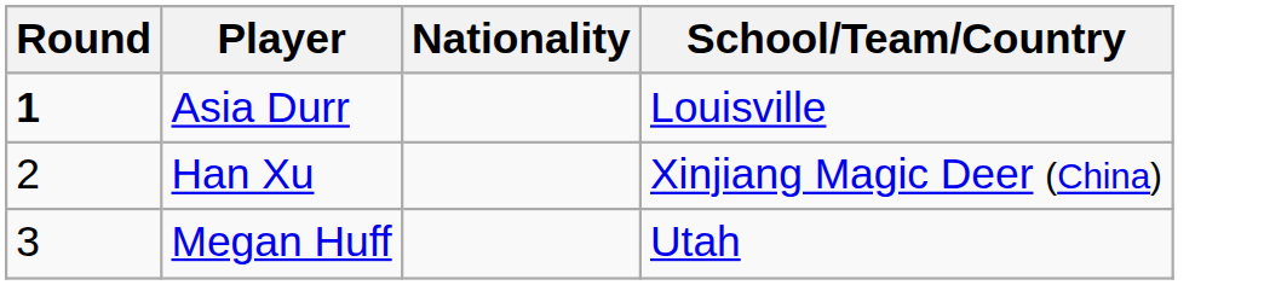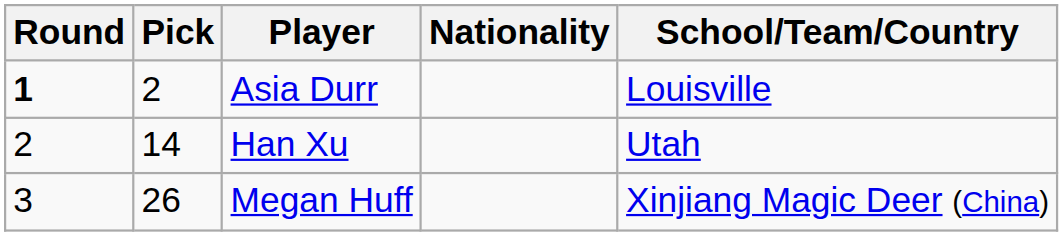 <table class="wikitable">
 <tr>
 <th>Round</th>
+<th>Pick</th>
 <th>Player</th>
 <th>Nationality</th>
 <th>School/Team/Country</th>
 </tr>
 <tr>
 <td><strong>1</strong></td>
+<td>2</td>
 <td><a href='#'>Asia Durr</a></td>
 <td></td>
 <td><a href='#'>Louisville</a></td>
 </tr>
 <tr>
 <td>2</td>
+<td>14</td>
 <td><a href='#'>Han Xu</a></td>
+<td></td>
+<td><a href='#'>Utah</a></td>
+</tr>
+<tr>
+<td>3</td>
+<td>26</td>
+<td><a href='#'>Megan Huff</a></td>
 <td></td>
 <td><a href='#'>Xinjiang Magic Deer</a> <small>(<a href='#'>China</a>)</small></td>
 </tr>
-<tr>
-<td>3</td>
-<td><a href='#'>Megan Huff</a></td>
-<td></td>
-<td><a href='#'>Utah</a></td>
-</tr>
 </table>
